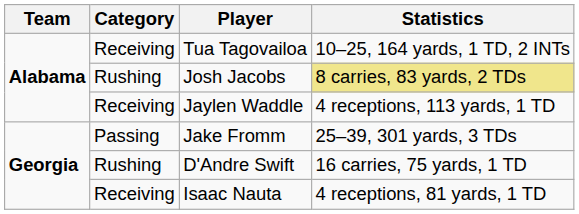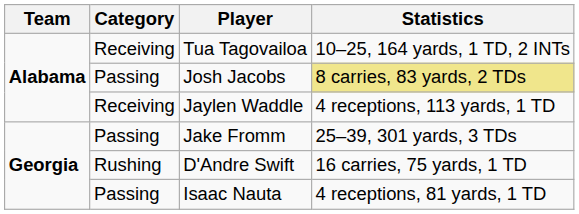 <table class="wikitable">
 <tr>
 <th>Team</th>
 <th>Category</th>
 <th>Player</th>
 <th>Statistics</th>
 </tr>
 <tr>
 <td rowspan=3><strong>Alabama</strong></td>
 <td>Receiving</td>
 <td>Tua Tagovailoa</td>
 <td>10–25, 164 yards, 1 TD, 2 INTs</td>
 </tr>
 <tr>
-<td>Rushing</td>
+<td>Passing</td>
 <td>Josh Jacobs</td>
 <td style="background: khaki;">8 carries, 83 yards, 2 TDs</td>
 </tr>
 <tr>
 <td>Receiving</td>
 <td>Jaylen Waddle</td>
 <td>4 receptions, 113 yards, 1 TD</td>
 </tr>
 <tr>
 <td rowspan=3><strong>Georgia</strong></td>
 <td>Passing</td>
 <td>Jake Fromm</td>
 <td>25–39, 301 yards, 3 TDs</td>
 </tr>
 <tr>
 <td>Rushing</td>
 <td>D'Andre Swift</td>
 <td>16 carries, 75 yards, 1 TD</td>
 </tr>
 <tr>
-<td>Receiving</td>
+<td>Passing</td>
 <td>Isaac Nauta</td>
 <td>4 receptions, 81 yards, 1 TD</td>
 </tr>
 </table>
